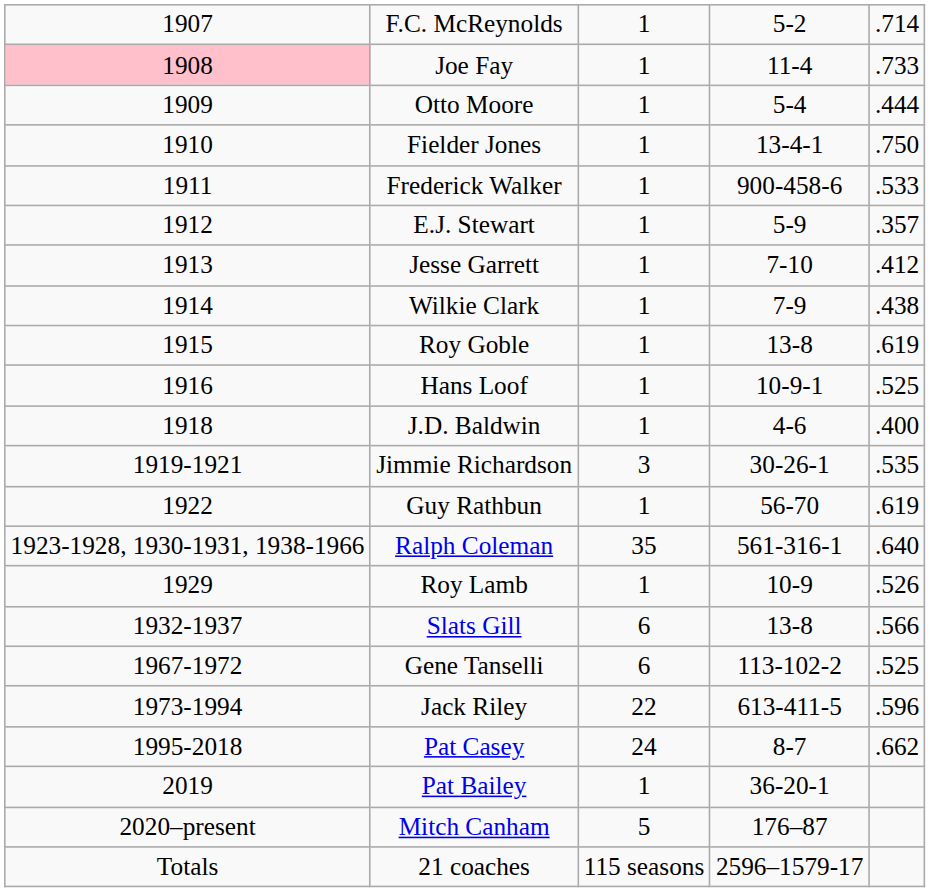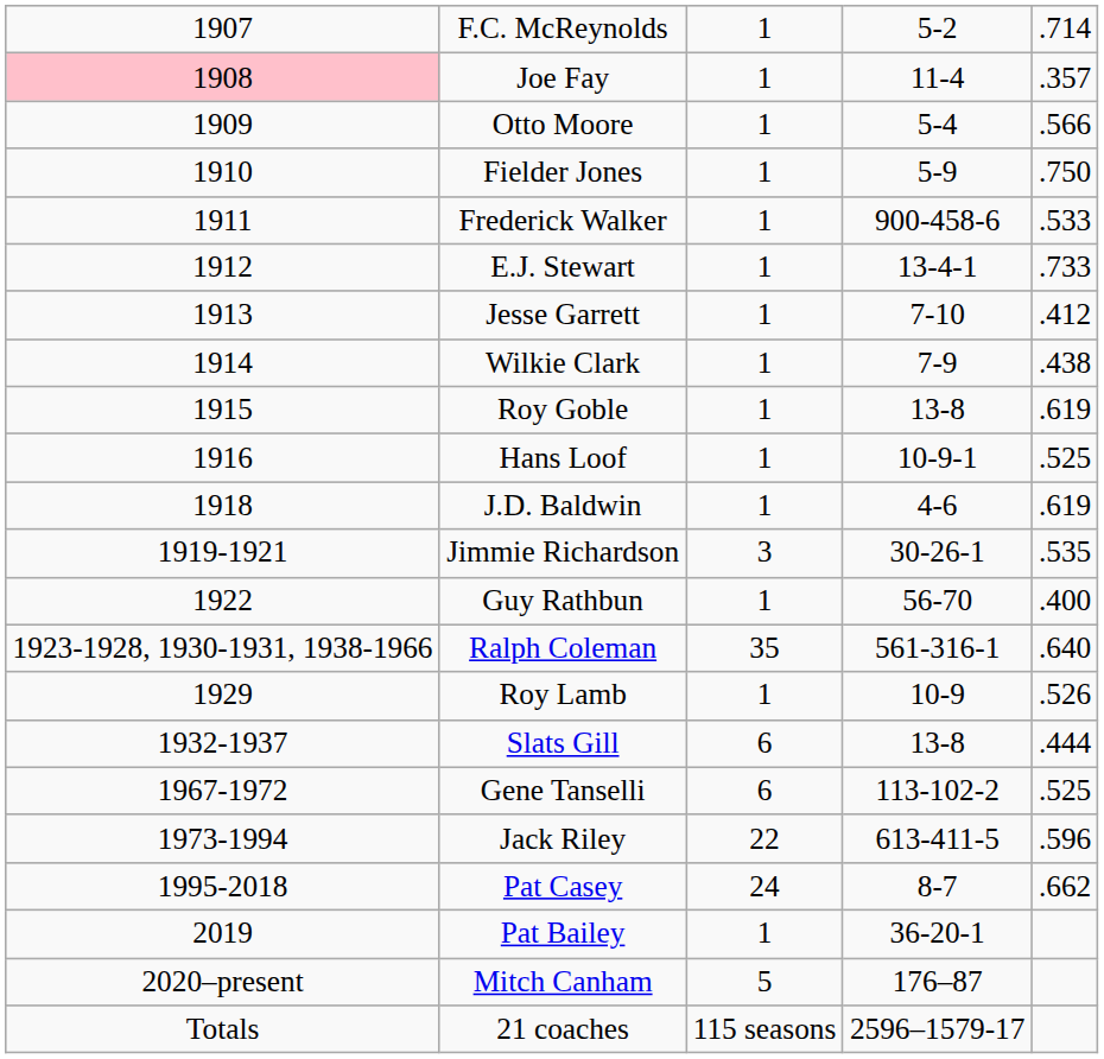 <table class="wikitable" style="text-align:center">
 <tr>
 <td>1907</td>
 <td>F.C. McReynolds</td>
 <td>1</td>
 <td>5-2</td>
 <td>.714</td>
 </tr>
 <tr>
 <td style="background: pink;">1908</td>
 <td>Joe Fay</td>
 <td>1</td>
 <td>11-4</td>
-<td>.733</td>
+<td>.357</td>
 </tr>
 <tr>
 <td>1909</td>
 <td>Otto Moore</td>
 <td>1</td>
 <td>5-4</td>
-<td>.444</td>
+<td>.566</td>
 </tr>
 <tr>
 <td>1910</td>
 <td>Fielder Jones</td>
 <td>1</td>
-<td>13-4-1</td>
+<td>5-9</td>
 <td>.750</td>
 </tr>
 <tr>
 <td>1911</td>
 <td>Frederick Walker</td>
 <td>1</td>
 <td>900-458-6</td>
 <td>.533</td>
 </tr>
 <tr>
 <td>1912</td>
 <td>E.J. Stewart</td>
 <td>1</td>
-<td>5-9</td>
-<td>.357</td>
+<td>13-4-1</td>
+<td>.733</td>
 </tr>
 <tr>
 <td>1913</td>
 <td>Jesse Garrett</td>
 <td>1</td>
 <td>7-10</td>
 <td>.412</td>
 </tr>
 <tr>
 <td>1914</td>
 <td>Wilkie Clark</td>
 <td>1</td>
 <td>7-9</td>
 <td>.438</td>
 </tr>
 <tr>
 <td>1915</td>
 <td>Roy Goble</td>
 <td>1</td>
 <td>13-8</td>
 <td>.619</td>
 </tr>
 <tr>
 <td>1916</td>
 <td>Hans Loof</td>
 <td>1</td>
 <td>10-9-1</td>
 <td>.525</td>
 </tr>
 <tr>
 <td>1918</td>
 <td>J.D. Baldwin</td>
 <td>1</td>
 <td>4-6</td>
-<td>.400</td>
+<td>.619</td>
 </tr>
 <tr>
 <td>1919-1921</td>
 <td>Jimmie Richardson</td>
 <td>3</td>
 <td>30-26-1</td>
 <td>.535</td>
 </tr>
 <tr>
 <td>1922</td>
 <td>Guy Rathbun</td>
 <td>1</td>
 <td>56-70</td>
-<td>.619</td>
+<td>.400</td>
 </tr>
 <tr>
 <td>1923-1928, 1930-1931, 1938-1966</td>
 <td><a href='#'>Ralph Coleman</a></td>
 <td>35</td>
 <td>561-316-1</td>
 <td>.640</td>
 </tr>
 <tr>
 <td>1929</td>
 <td>Roy Lamb</td>
 <td>1</td>
 <td>10-9</td>
 <td>.526</td>
 </tr>
 <tr>
 <td>1932-1937</td>
 <td><a href='#'>Slats Gill</a></td>
 <td>6</td>
 <td>13-8</td>
-<td>.566</td>
+<td>.444</td>
 </tr>
 <tr>
 <td>1967-1972</td>
 <td>Gene Tanselli</td>
 <td>6</td>
 <td>113-102-2</td>
 <td>.525</td>
 </tr>
 <tr>
 <td>1973-1994</td>
 <td>Jack Riley</td>
 <td>22</td>
 <td>613-411-5</td>
 <td>.596</td>
 </tr>
 <tr>
 <td>1995-2018</td>
 <td><a href='#'>Pat Casey</a></td>
 <td>24</td>
 <td>8-7</td>
 <td>.662</td>
 </tr>
 <tr>
 <td>2019</td>
 <td><a href='#'>Pat Bailey</a></td>
 <td>1</td>
 <td>36-20-1</td>
 <td></td>
 </tr>
 <tr>
 <td>2020–present</td>
 <td><a href='#'>Mitch Canham</a></td>
 <td>5</td>
 <td>176–87</td>
 <td></td>
 </tr>
 <tr class="sortbottom">
 <td>Totals</td>
 <td>21 coaches</td>
 <td>115 seasons</td>
 <td>2596–1579-17</td>
 <td></td>
 </tr>
 </table>
